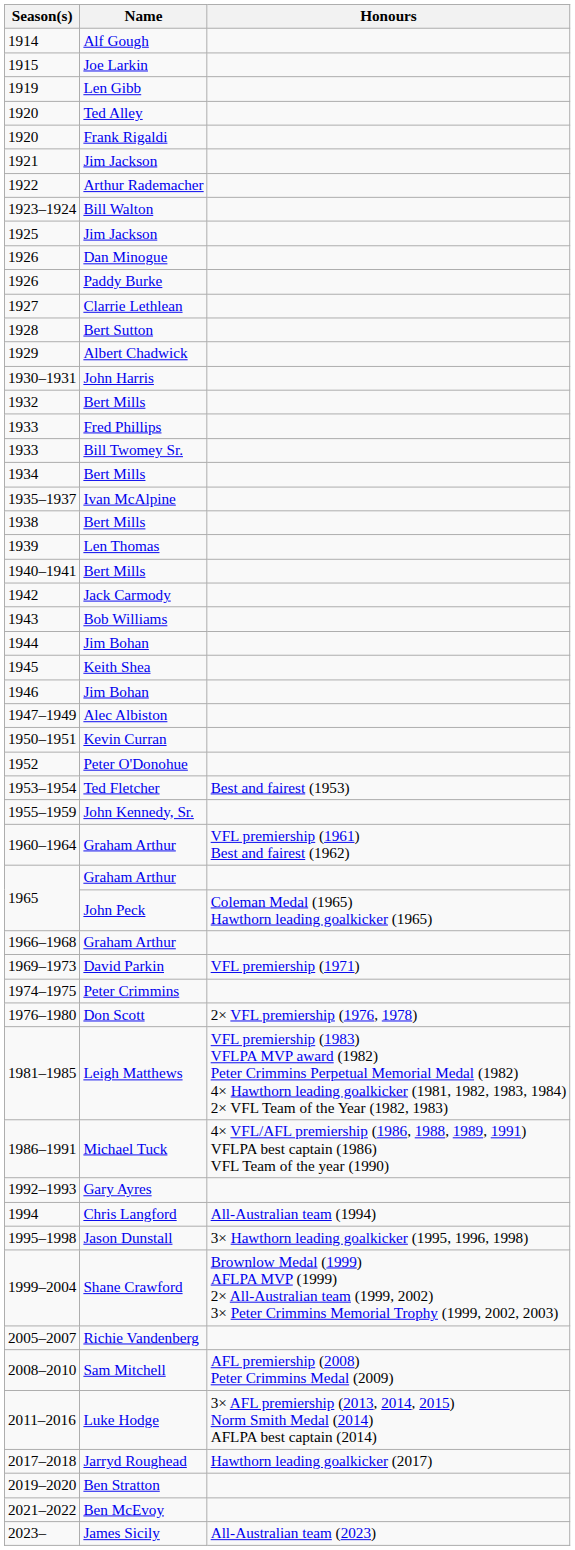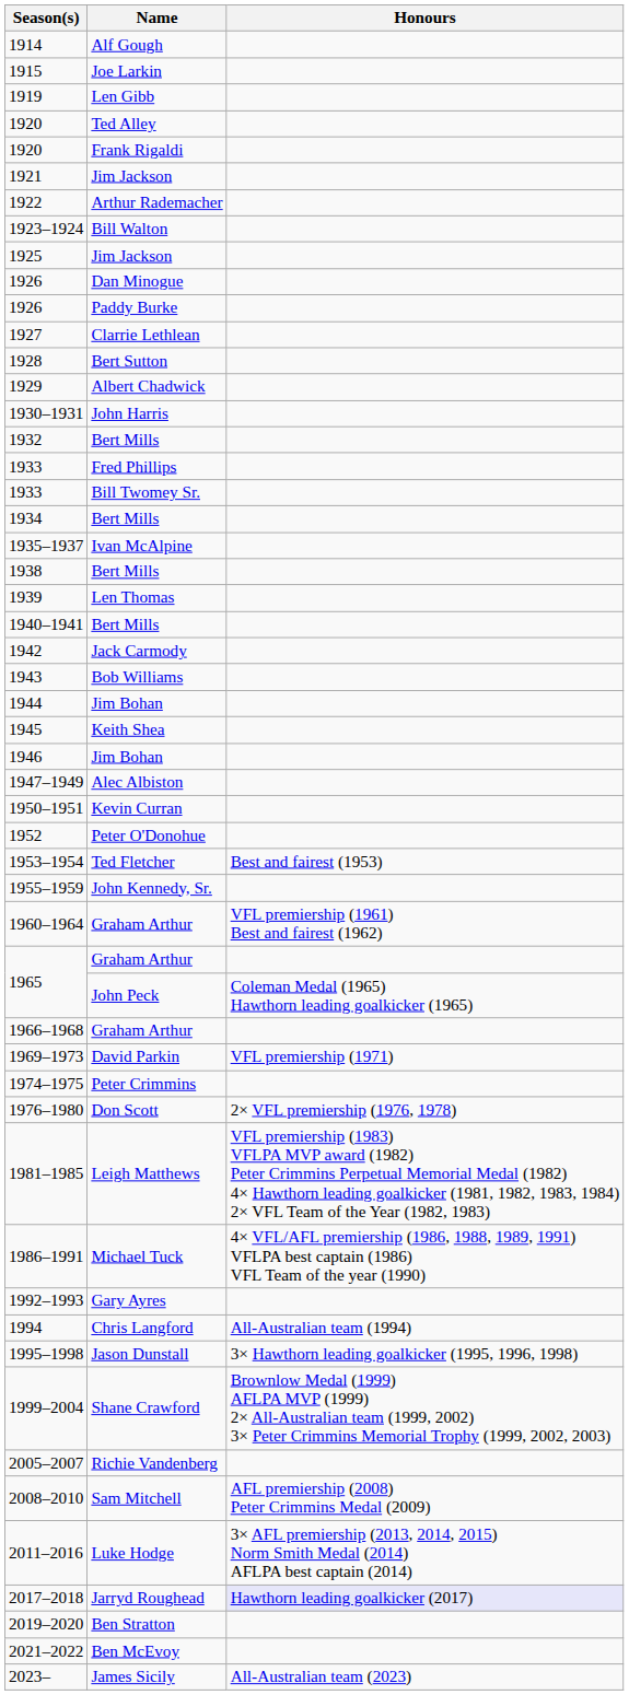 <table class="wikitable">
 <tr>
 <th>Season(s)</th>
 <th>Name</th>
 <th>Honours</th>
 </tr>
 <tr>
 <td>1914</td>
 <td><a href='#'>Alf Gough</a></td>
 <td></td>
 </tr>
 <tr>
 <td>1915</td>
 <td><a href='#'>Joe Larkin</a></td>
 <td></td>
 </tr>
 <tr>
 <td>1919</td>
 <td><a href='#'>Len Gibb</a></td>
 <td></td>
 </tr>
 <tr>
 <td>1920</td>
 <td><a href='#'>Ted Alley</a></td>
 <td></td>
 </tr>
 <tr>
 <td>1920</td>
 <td><a href='#'>Frank Rigaldi</a></td>
 <td></td>
 </tr>
 <tr>
 <td>1921</td>
 <td><a href='#'>Jim Jackson</a></td>
 <td></td>
 </tr>
 <tr>
 <td>1922</td>
 <td><a href='#'>Arthur Rademacher</a></td>
 <td></td>
 </tr>
 <tr>
 <td>1923–1924</td>
 <td><a href='#'>Bill Walton</a></td>
 <td></td>
 </tr>
 <tr>
 <td>1925</td>
 <td><a href='#'>Jim Jackson</a></td>
 <td></td>
 </tr>
 <tr>
 <td>1926</td>
 <td><a href='#'>Dan Minogue</a></td>
 <td></td>
 </tr>
 <tr>
 <td>1926</td>
 <td><a href='#'>Paddy Burke</a></td>
 <td></td>
 </tr>
 <tr>
 <td>1927</td>
 <td><a href='#'>Clarrie Lethlean</a></td>
 <td></td>
 </tr>
 <tr>
 <td>1928</td>
 <td><a href='#'>Bert Sutton</a></td>
 <td></td>
 </tr>
 <tr>
 <td>1929</td>
 <td><a href='#'>Albert Chadwick</a></td>
 <td></td>
 </tr>
 <tr>
 <td>1930–1931</td>
 <td><a href='#'>John Harris</a></td>
 <td></td>
 </tr>
 <tr>
 <td>1932</td>
 <td><a href='#'>Bert Mills</a></td>
 <td></td>
 </tr>
 <tr>
 <td>1933</td>
 <td><a href='#'>Fred Phillips</a></td>
 <td></td>
 </tr>
 <tr>
 <td>1933</td>
 <td><a href='#'>Bill Twomey Sr.</a></td>
 <td></td>
 </tr>
 <tr>
 <td>1934</td>
 <td><a href='#'>Bert Mills</a></td>
 <td></td>
 </tr>
 <tr>
 <td>1935–1937</td>
 <td><a href='#'>Ivan McAlpine</a></td>
 <td></td>
 </tr>
 <tr>
 <td>1938</td>
 <td><a href='#'>Bert Mills</a></td>
 <td></td>
 </tr>
 <tr>
 <td>1939</td>
 <td><a href='#'>Len Thomas</a></td>
 <td></td>
 </tr>
 <tr>
 <td>1940–1941</td>
 <td><a href='#'>Bert Mills</a></td>
 <td></td>
 </tr>
 <tr>
 <td>1942</td>
 <td><a href='#'>Jack Carmody</a></td>
 <td></td>
 </tr>
 <tr>
 <td>1943</td>
 <td><a href='#'>Bob Williams</a></td>
 <td></td>
 </tr>
 <tr>
 <td>1944</td>
 <td><a href='#'>Jim Bohan</a></td>
 <td></td>
 </tr>
 <tr>
 <td>1945</td>
 <td><a href='#'>Keith Shea</a></td>
 <td></td>
 </tr>
 <tr>
 <td>1946</td>
 <td><a href='#'>Jim Bohan</a></td>
 <td></td>
 </tr>
 <tr>
 <td>1947–1949</td>
 <td><a href='#'>Alec Albiston</a></td>
 <td></td>
 </tr>
 <tr>
 <td>1950–1951</td>
 <td><a href='#'>Kevin Curran</a></td>
 <td></td>
 </tr>
 <tr>
 <td>1952</td>
 <td><a href='#'>Peter O'Donohue</a></td>
 <td></td>
 </tr>
 <tr>
 <td>1953–1954</td>
 <td><a href='#'>Ted Fletcher</a></td>
 <td><a href='#'>Best and fairest</a> (1953)</td>
 </tr>
 <tr>
 <td>1955–1959</td>
 <td><a href='#'>John Kennedy, Sr.</a></td>
 <td></td>
 </tr>
 <tr>
 <td>1960–1964</td>
 <td><a href='#'>Graham Arthur</a></td>
 <td><a href='#'>VFL premiership</a> (<a href='#'>1961</a>)<br><a href='#'>Best and fairest</a> (1962)</td>
 </tr>
 <tr>
 <td rowspan=2>1965</td>
 <td><a href='#'>Graham Arthur</a></td>
 <td></td>
 </tr>
 <tr>
 <td><a href='#'>John Peck</a></td>
 <td><a href='#'>Coleman Medal</a> (1965)<br><a href='#'>Hawthorn leading goalkicker</a> (1965)</td>
 </tr>
 <tr>
 <td>1966–1968</td>
 <td><a href='#'>Graham Arthur</a></td>
 <td></td>
 </tr>
 <tr>
 <td>1969–1973</td>
 <td><a href='#'>David Parkin</a></td>
 <td><a href='#'>VFL premiership</a> (<a href='#'>1971</a>)</td>
 </tr>
 <tr>
 <td>1974–1975</td>
 <td><a href='#'>Peter Crimmins</a></td>
 <td></td>
 </tr>
 <tr>
 <td>1976–1980</td>
 <td><a href='#'>Don Scott</a></td>
 <td>2× <a href='#'>VFL premiership</a> (<a href='#'>1976</a>, <a href='#'>1978</a>)</td>
 </tr>
 <tr>
 <td>1981–1985</td>
 <td><a href='#'>Leigh Matthews</a></td>
 <td><a href='#'>VFL premiership</a> (<a href='#'>1983</a>)<br><a href='#'>VFLPA MVP award</a> (1982)<br><a href='#'>Peter Crimmins Perpetual Memorial Medal</a> (1982)<br>4× <a href='#'>Hawthorn leading goalkicker</a> (1981, 1982, 1983, 1984)<br>2× VFL Team of the Year (1982, 1983)</td>
 </tr>
 <tr>
 <td>1986–1991</td>
 <td><a href='#'>Michael Tuck</a></td>
 <td>4× <a href='#'>VFL/AFL premiership</a> (<a href='#'>1986</a>, <a href='#'>1988</a>, <a href='#'>1989</a>, <a href='#'>1991</a>)<br>VFLPA best captain (1986)<br>VFL Team of the year (1990)</td>
 </tr>
 <tr>
 <td>1992–1993</td>
 <td><a href='#'>Gary Ayres</a></td>
 <td></td>
 </tr>
 <tr>
 <td>1994</td>
 <td><a href='#'>Chris Langford</a></td>
 <td><a href='#'>All-Australian team</a> (1994)</td>
 </tr>
 <tr>
 <td>1995–1998</td>
 <td><a href='#'>Jason Dunstall</a></td>
 <td>3× <a href='#'>Hawthorn leading goalkicker</a> (1995, 1996, 1998)</td>
 </tr>
 <tr>
 <td>1999–2004</td>
 <td><a href='#'>Shane Crawford</a></td>
 <td><a href='#'>Brownlow Medal</a> (<a href='#'>1999</a>)<br><a href='#'>AFLPA MVP</a> (1999)<br>2× <a href='#'>All-Australian team</a> (1999, 2002)<br>3× <a href='#'>Peter Crimmins Memorial Trophy</a> (1999, 2002, 2003)</td>
 </tr>
 <tr>
 <td>2005–2007</td>
 <td><a href='#'>Richie Vandenberg</a></td>
 <td></td>
 </tr>
 <tr>
 <td>2008–2010</td>
 <td><a href='#'>Sam Mitchell</a></td>
 <td><a href='#'>AFL premiership</a> (<a href='#'>2008</a>)<br><a href='#'>Peter Crimmins Medal</a> (2009)</td>
 </tr>
 <tr>
 <td>2011–2016</td>
 <td><a href='#'>Luke Hodge</a></td>
 <td>3× <a href='#'>AFL premiership</a> (<a href='#'>2013</a>, <a href='#'>2014</a>, <a href='#'>2015</a>)<br><a href='#'>Norm Smith Medal</a> (<a href='#'>2014</a>)<br>AFLPA best captain (2014)</td>
 </tr>
 <tr>
 <td>2017–2018</td>
 <td><a href='#'>Jarryd Roughead</a></td>
-<td><a href='#'>Hawthorn leading goalkicker</a> (2017)</td>
+<td style="background: lavender;"><a href='#'>Hawthorn leading goalkicker</a> (2017)</td>
 </tr>
 <tr>
 <td>2019–2020</td>
 <td><a href='#'>Ben Stratton</a></td>
 <td></td>
 </tr>
 <tr>
 <td>2021–2022</td>
 <td><a href='#'>Ben McEvoy</a></td>
 <td></td>
 </tr>
 <tr>
 <td>2023–</td>
 <td><a href='#'>James Sicily</a></td>
 <td><a href='#'>All-Australian team</a> (<a href='#'>2023</a>)</td>
 </tr>
 </table>
